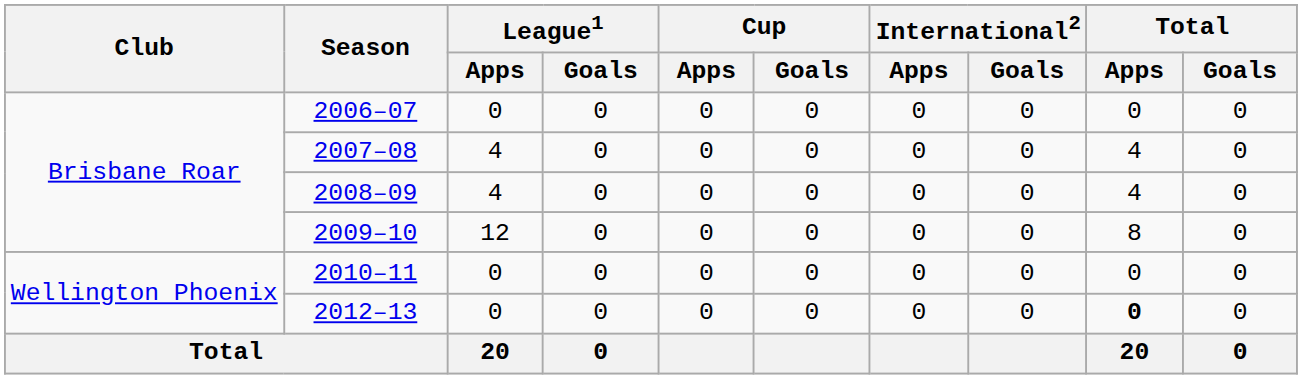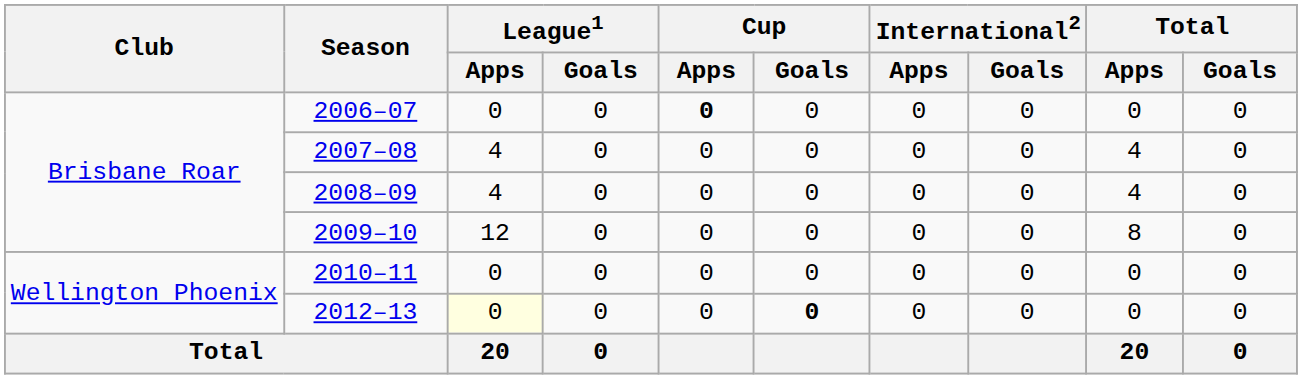 <table class="wikitable" style="text-align: center;">
 <tr>
 <th rowspan="2">Club</th>
 <th rowspan="2" width="80">Season</th>
 <th colspan="2" width="105">League<sup>1</sup></th>
 <th colspan="2" width="105">Cup</th>
 <th colspan="2" width="105">International<sup>2</sup></th>
 <th colspan="2" width="105">Total</th>
 </tr>
 <tr>
 <th>Apps</th>
 <th>Goals</th>
 <th>Apps</th>
 <th>Goals</th>
 <th>Apps</th>
 <th>Goals</th>
 <th>Apps</th>
 <th>Goals</th>
 </tr>
 <tr>
 <td rowspan="4" valign="center"><a href='#'>Brisbane Roar</a></td>
 <td><a href='#'>2006–07</a></td>
 <td>0</td>
 <td>0</td>
-<td>0</td>
+<td><strong>0</strong></td>
 <td>0</td>
 <td>0</td>
 <td>0</td>
 <td>0</td>
 <td>0</td>
 </tr>
 <tr>
 <td><a href='#'>2007–08</a></td>
 <td>4</td>
 <td>0</td>
 <td>0</td>
 <td>0</td>
 <td>0</td>
 <td>0</td>
 <td>4</td>
 <td>0</td>
 </tr>
 <tr>
 <td><a href='#'>2008–09</a></td>
 <td>4</td>
 <td>0</td>
 <td>0</td>
 <td>0</td>
 <td>0</td>
 <td>0</td>
 <td>4</td>
 <td>0</td>
 </tr>
 <tr>
 <td><a href='#'>2009–10</a></td>
 <td>12</td>
 <td>0</td>
 <td>0</td>
 <td>0</td>
 <td>0</td>
 <td>0</td>
 <td>8</td>
 <td>0</td>
 </tr>
 <tr>
 <td rowspan="2" valign="center"><a href='#'>Wellington Phoenix</a></td>
 <td><a href='#'>2010–11</a></td>
 <td>0</td>
 <td>0</td>
 <td>0</td>
 <td>0</td>
 <td>0</td>
 <td>0</td>
 <td>0</td>
 <td>0</td>
 </tr>
 <tr>
 <td><a href='#'>2012–13</a></td>
+<td style="background: lightyellow;">0</td>
+<td>0</td>
+<td>0</td>
+<td><strong>0</strong></td>
 <td>0</td>
 <td>0</td>
 <td>0</td>
-<td>0</td>
-<td>0</td>
-<td>0</td>
-<td><strong>0</strong></td>
 <td>0</td>
 </tr>
 <tr>
 <th colspan="2">Total</th>
 <th>20</th>
 <th>0</th>
 <th></th>
 <th></th>
 <th></th>
 <th></th>
 <th>20</th>
 <th>0</th>
 </tr>
 </table>
